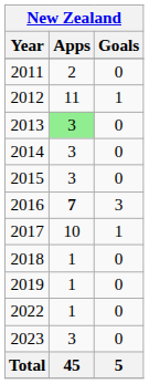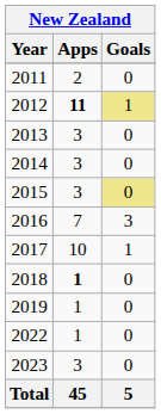 <table class="wikitable" style="text-align:center">
 <tr>
 <th colspan=4><a href='#'>New Zealand</a></th>
 </tr>
 <tr>
 <th>Year</th>
 <th>Apps</th>
 <th>Goals</th>
 </tr>
 <tr>
 </tr>
 <tr>
 <td>2011</td>
 <td>2</td>
 <td>0</td>
 </tr>
 <tr>
 <td>2012</td>
-<td>11</td>
-<td>1</td>
+<td><strong>11</strong></td>
+<td style="background: khaki;">1</td>
 </tr>
 <tr>
 <td>2013</td>
-<td style="background: lightgreen;">3</td>
+<td>3</td>
 <td>0</td>
 </tr>
 <tr>
 <td>2014</td>
 <td>3</td>
 <td>0</td>
 </tr>
 <tr>
 <td>2015</td>
 <td>3</td>
-<td>0</td>
+<td style="background: khaki;">0</td>
 </tr>
 <tr>
 <td>2016</td>
-<td><strong>7</strong></td>
+<td>7</td>
 <td>3</td>
 </tr>
 <tr>
 <td>2017</td>
 <td>10</td>
 <td>1</td>
 </tr>
 <tr>
 <td>2018</td>
-<td>1</td>
+<td><strong>1</strong></td>
 <td>0</td>
 </tr>
 <tr>
 <td>2019</td>
 <td>1</td>
 <td>0</td>
 </tr>
 <tr>
 <td>2022</td>
 <td>1</td>
 <td>0</td>
 </tr>
 <tr>
 <td>2023</td>
 <td>3</td>
 <td>0</td>
 </tr>
 <tr>
 <th>Total</th>
 <th>45</th>
 <th>5</th>
 </tr>
 <tr>
 </tr>
 </table>
